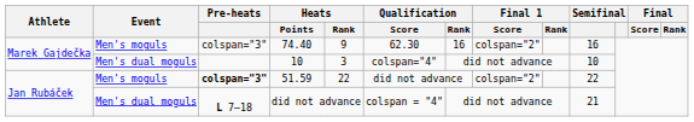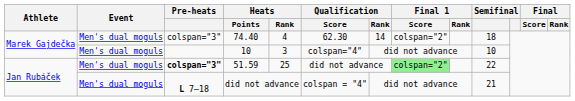 <table class="wikitable" style="font-size:90%">
 <tr>
 <th rowspan=2>Athlete</th>
 <th rowspan=2>Event</th>
 <th>Pre-heats</th>
 <th colspan="2">Heats</th>
 <th colspan="2">Qualification</th>
 <th colspan="2">Final 1</th>
 <th colspan="2">Semifinal</th>
 <th colspan="2">Final</th>
 </tr>
 <tr style="font-size:95%">
 <th></th>
 <th>Points</th>
 <th>Rank</th>
 <th>Score</th>
 <th>Rank</th>
 <th>Score</th>
 <th>Rank</th>
 <th></th>
 <th></th>
 <th>Score</th>
 <th>Rank</th>
 </tr>
 <tr align=center>
 <td rowspan="2" align="left"><a href='#'>Marek Gajdečka</a></td>
-<td align=left><a href='#'>Men's moguls</a></td>
+<td align="left"><a href='#'>Men's dual moguls</a></td>
 <td>colspan="3" </td>
 <td>74.40</td>
-<td>9</td>
+<td>4</td>
 <td>62.30</td>
-<td>16</td>
+<td>14</td>
 <td>colspan="2" </td>
 <td></td>
-<td>16</td>
+<td>18</td>
 </tr>
 <tr align="center">
 <td align="left"><a href='#'>Men's dual moguls</a></td>
 <td></td>
 <td>10</td>
 <td>3</td>
 <td>colspan="4" </td>
 <td colspan="3">did not advance</td>
 <td>10</td>
 </tr>
 <tr align="center">
 <td rowspan="2" align="left"><a href='#'>Jan Rubáček</a></td>
-<td align="left"><a href='#'>Men's moguls</a></td>
+<td align="left"><a href='#'>Men's dual moguls</a></td>
 <td><strong>colspan="3" </strong></td>
 <td>51.59</td>
-<td>22</td>
+<td>25</td>
 <td colspan="2">did not advance</td>
-<td>colspan="2" </td>
+<td style="background: lightgreen;">colspan="2" </td>
 <td></td>
 <td>22</td>
 </tr>
 <tr align="center">
 <td align="left"><a href='#'>Men's dual moguls</a></td>
 <td><br><strong>L</strong> 7–18</td>
 <td colspan="2">did not advance</td>
 <td>colspan = "4"  </td>
 <td colspan = "3">did not advance</td>
 <td>21</td>
 </tr>
 </table>
